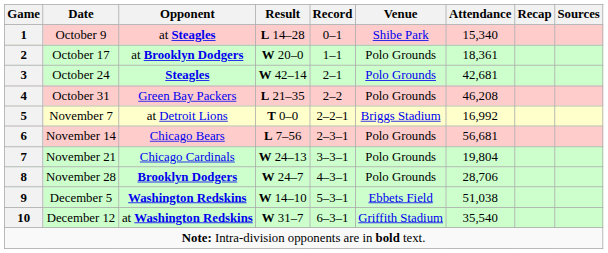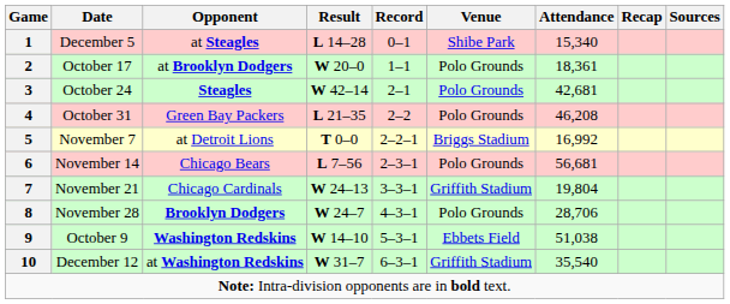 <table class="wikitable" style="text-align:center">
 <tr>
 <th>Game</th>
 <th>Date</th>
 <th>Opponent</th>
 <th>Result</th>
 <th>Record</th>
 <th>Venue</th>
 <th>Attendance</th>
 <th>Recap</th>
 <th>Sources</th>
 </tr>
 <tr style="background:#fcc">
 <th>1</th>
-<td>October 9</td>
+<td>December 5</td>
 <td>at <strong><a href='#'>Steagles</a></strong></td>
 <td><strong>L</strong> 14–28</td>
 <td>0–1</td>
 <td><a href='#'>Shibe Park</a></td>
 <td>15,340</td>
 <td></td>
 <td></td>
 </tr>
 <tr style="background:#cfc">
 <th>2</th>
 <td>October 17</td>
 <td>at <strong><a href='#'>Brooklyn Dodgers</a></strong></td>
 <td><strong>W</strong> 20–0</td>
 <td>1–1</td>
 <td>Polo Grounds</td>
 <td>18,361</td>
 <td></td>
 <td></td>
 </tr>
 <tr style="background:#cfc">
 <th>3</th>
 <td>October 24</td>
 <td><strong><a href='#'>Steagles</a></strong></td>
 <td><strong>W</strong> 42–14</td>
 <td>2–1</td>
 <td><a href='#'>Polo Grounds</a></td>
 <td>42,681</td>
 <td></td>
 <td></td>
 </tr>
 <tr style="background:#fcc">
 <th>4</th>
 <td>October 31</td>
 <td><a href='#'>Green Bay Packers</a></td>
 <td><strong>L</strong> 21–35</td>
 <td>2–2</td>
 <td>Polo Grounds</td>
 <td>46,208</td>
 <td></td>
 <td></td>
 </tr>
 <tr style="background:#ffc">
 <th>5</th>
 <td>November 7</td>
 <td>at <a href='#'>Detroit Lions</a></td>
 <td><strong>T</strong> 0–0</td>
 <td>2–2–1</td>
 <td><a href='#'>Briggs Stadium</a></td>
 <td>16,992</td>
 <td></td>
 <td></td>
 </tr>
 <tr style="background:#fcc">
 <th>6</th>
 <td>November 14</td>
 <td><a href='#'>Chicago Bears</a></td>
 <td><strong>L</strong> 7–56</td>
 <td>2–3–1</td>
 <td>Polo Grounds</td>
 <td>56,681</td>
 <td></td>
 <td></td>
 </tr>
 <tr style="background:#cfc">
 <th>7</th>
 <td>November 21</td>
 <td><a href='#'>Chicago Cardinals</a></td>
 <td><strong>W</strong> 24–13</td>
 <td>3–3–1</td>
-<td>Polo Grounds</td>
+<td><a href='#'>Griffith Stadium</a></td>
 <td>19,804</td>
 <td></td>
 <td></td>
 </tr>
 <tr style="background:#cfc">
 <th>8</th>
 <td>November 28</td>
 <td><strong><a href='#'>Brooklyn Dodgers</a></strong></td>
 <td><strong>W</strong> 24–7</td>
 <td>4–3–1</td>
 <td>Polo Grounds</td>
 <td>28,706</td>
 <td></td>
 <td></td>
 </tr>
 <tr style="background:#cfc">
 <th>9</th>
-<td>December 5</td>
+<td>October 9</td>
 <td><strong><a href='#'>Washington Redskins</a></strong></td>
 <td><strong>W</strong> 14–10</td>
 <td>5–3–1</td>
 <td><a href='#'>Ebbets Field</a></td>
 <td>51,038</td>
 <td></td>
 <td></td>
 </tr>
 <tr style="background:#cfc">
 <th>10</th>
 <td>December 12</td>
 <td>at <strong><a href='#'>Washington Redskins</a></strong></td>
 <td><strong>W</strong> 31–7</td>
 <td>6–3–1</td>
 <td><a href='#'>Griffith Stadium</a></td>
 <td>35,540</td>
 <td></td>
 <td></td>
 </tr>
 <tr>
 <td colspan="10"><strong>Note:</strong> Intra-division opponents are in <strong>bold</strong> text.</td>
 </tr>
 </table>
